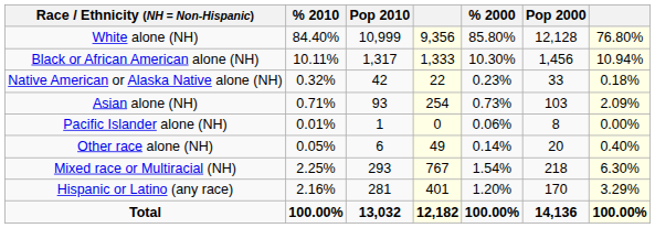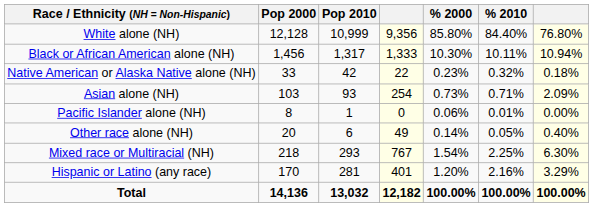 <table class="wikitable" style="text-align:center;">
 <tr>
 <th>Race / Ethnicity <small>(<em>NH = Non-Hispanic</em>)</small></th>
-<th>% 2010</th>
+<th>Pop 2000</th>
 <th>Pop 2010</th>
 <th></th>
 <th>% 2000</th>
-<th>Pop 2000</th>
+<th>% 2010</th>
 <th></th>
 </tr>
 <tr>
 <td><a href='#'>White</a> alone (NH)</td>
-<td>84.40%</td>
+<td>12,128</td>
 <td>10,999</td>
 <td style='background: #ffffe6;'>9,356</td>
 <td>85.80%</td>
-<td>12,128</td>
+<td>84.40%</td>
 <td style='background: #ffffe6;'>76.80%</td>
 </tr>
 <tr>
 <td><a href='#'>Black or African American</a> alone (NH)</td>
-<td>10.11%</td>
+<td>1,456</td>
 <td>1,317</td>
 <td style='background: #ffffe6;'>1,333</td>
 <td>10.30%</td>
-<td>1,456</td>
+<td>10.11%</td>
 <td style='background: #ffffe6;'>10.94%</td>
 </tr>
 <tr>
 <td><a href='#'>Native American</a> or <a href='#'>Alaska Native</a> alone (NH)</td>
-<td>0.32%</td>
+<td>33</td>
 <td>42</td>
 <td style='background: #ffffe6;'>22</td>
 <td>0.23%</td>
-<td>33</td>
+<td>0.32%</td>
 <td style='background: #ffffe6;'>0.18%</td>
 </tr>
 <tr>
 <td><a href='#'>Asian</a> alone (NH)</td>
-<td>0.71%</td>
+<td>103</td>
 <td>93</td>
 <td style='background: #ffffe6;'>254</td>
 <td>0.73%</td>
-<td>103</td>
+<td>0.71%</td>
 <td style='background: #ffffe6;'>2.09%</td>
 </tr>
 <tr>
 <td><a href='#'>Pacific Islander</a> alone (NH)</td>
-<td>0.01%</td>
+<td>8</td>
 <td>1</td>
 <td style='background: #ffffe6;'>0</td>
 <td>0.06%</td>
-<td>8</td>
+<td>0.01%</td>
 <td style='background: #ffffe6;'>0.00%</td>
 </tr>
 <tr>
 <td><a href='#'>Other race</a> alone (NH)</td>
-<td>0.05%</td>
+<td>20</td>
 <td>6</td>
 <td style='background: #ffffe6;'>49</td>
 <td>0.14%</td>
-<td>20</td>
+<td>0.05%</td>
 <td style='background: #ffffe6;'>0.40%</td>
 </tr>
 <tr>
 <td><a href='#'>Mixed race or Multiracial</a> (NH)</td>
-<td>2.25%</td>
+<td>218</td>
 <td>293</td>
 <td style='background: #ffffe6;'>767</td>
 <td>1.54%</td>
-<td>218</td>
+<td>2.25%</td>
 <td style='background: #ffffe6;'>6.30%</td>
 </tr>
 <tr>
 <td><a href='#'>Hispanic or Latino</a> (any race)</td>
-<td>2.16%</td>
+<td>170</td>
 <td>281</td>
 <td style='background: #ffffe6;'>401</td>
 <td>1.20%</td>
-<td>170</td>
+<td>2.16%</td>
 <td style='background: #ffffe6;'>3.29%</td>
 </tr>
 <tr>
 <td><strong>Total</strong></td>
-<td><strong>100.00%</strong></td>
+<td><strong>14,136</strong></td>
 <td><strong>13,032</strong></td>
 <td style='background: #ffffe6;'><strong>12,182</strong></td>
 <td><strong>100.00%</strong></td>
-<td><strong>14,136</strong></td>
+<td><strong>100.00%</strong></td>
 <td style='background: #ffffe6;'><strong>100.00%</strong></td>
 </tr>
 </table>
